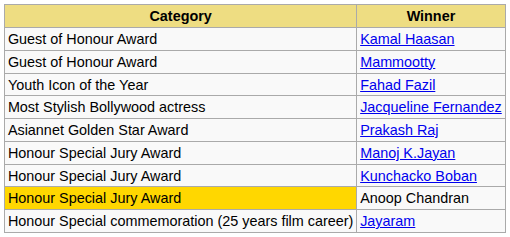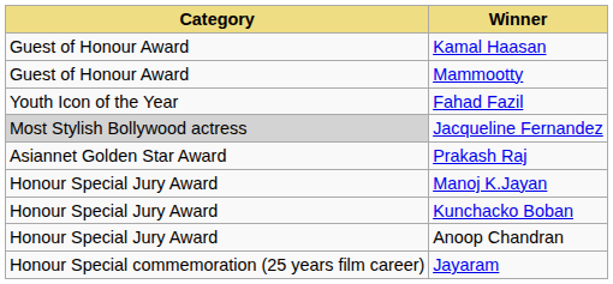 <table class="wikitable" style="font-size:90%;">
 <tr>
 <th style="background:#EEDD82;">Category</th>
 <th style="background:#EEDD82;">Winner</th>
 </tr>
 <tr>
 <td>Guest of Honour Award</td>
 <td><a href='#'>Kamal Haasan</a></td>
 </tr>
 <tr>
 <td>Guest of Honour Award</td>
 <td><a href='#'>Mammootty</a></td>
 </tr>
 <tr>
 <td>Youth Icon of the Year</td>
 <td><a href='#'>Fahad Fazil</a></td>
 </tr>
 <tr>
-<td>Most Stylish Bollywood actress</td>
+<td style="background: lightgrey;">Most Stylish Bollywood actress</td>
 <td><a href='#'>Jacqueline Fernandez</a></td>
 </tr>
 <tr>
 <td>Asiannet Golden Star Award</td>
 <td><a href='#'>Prakash Raj</a></td>
 </tr>
 <tr>
 <td>Honour Special Jury Award</td>
 <td><a href='#'>Manoj K.Jayan</a></td>
 </tr>
 <tr>
 <td>Honour Special Jury Award</td>
 <td><a href='#'>Kunchacko Boban</a></td>
 </tr>
 <tr>
-<td style="background: gold;">Honour Special Jury Award</td>
+<td>Honour Special Jury Award</td>
 <td>Anoop Chandran</td>
 </tr>
 <tr>
 <td>Honour Special commemoration (25 years film career)</td>
 <td><a href='#'>Jayaram</a></td>
 </tr>
 </table>
